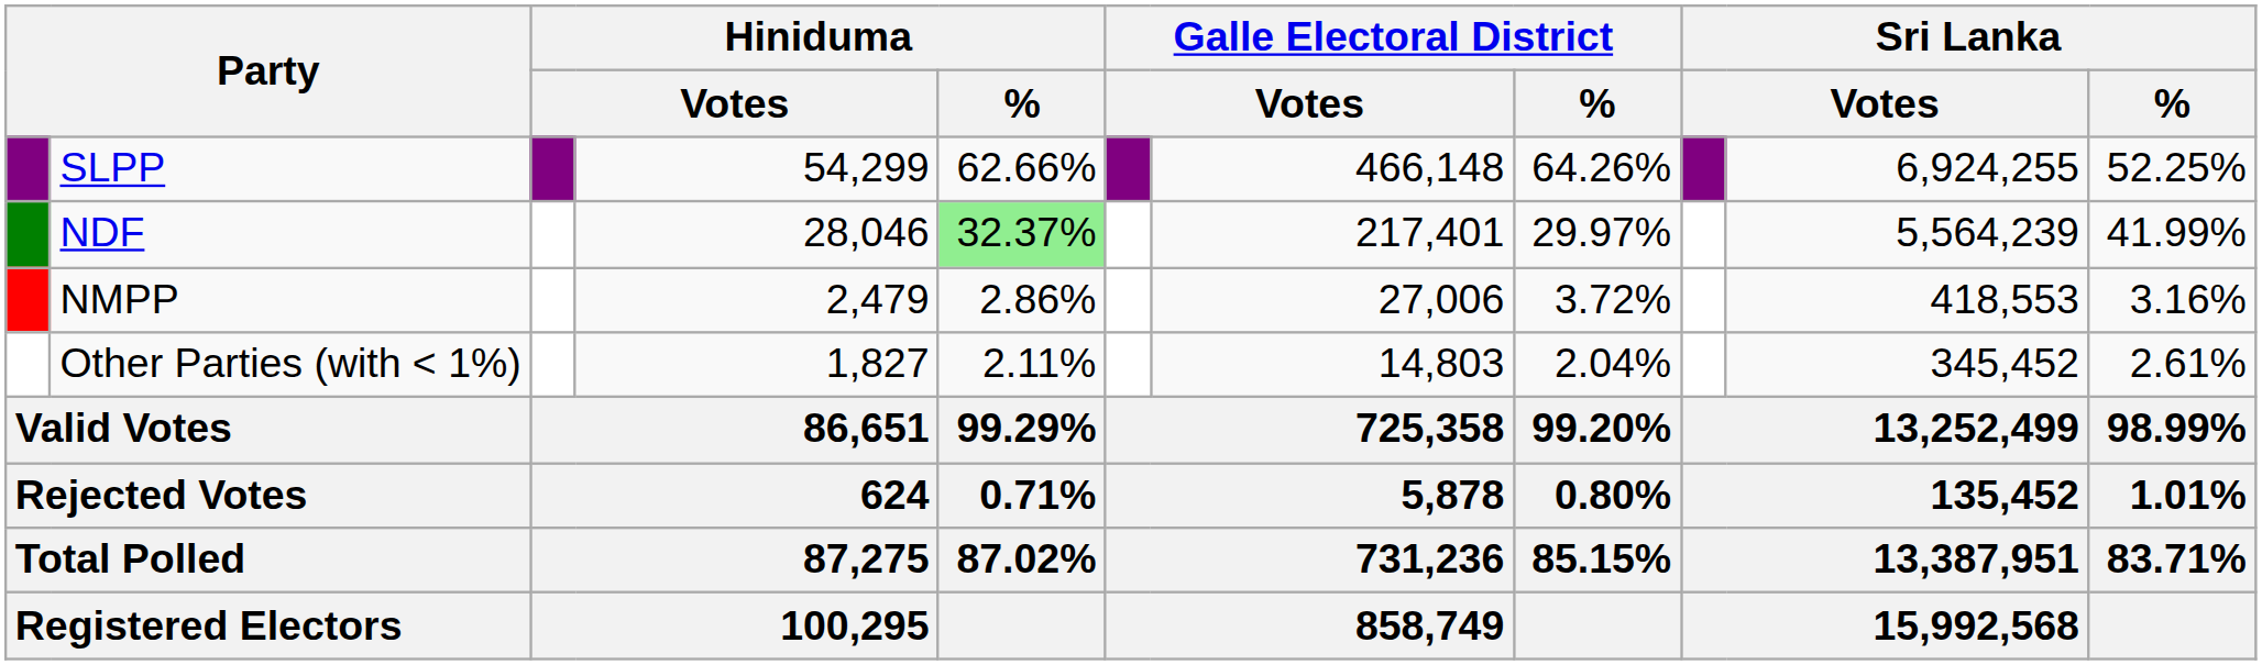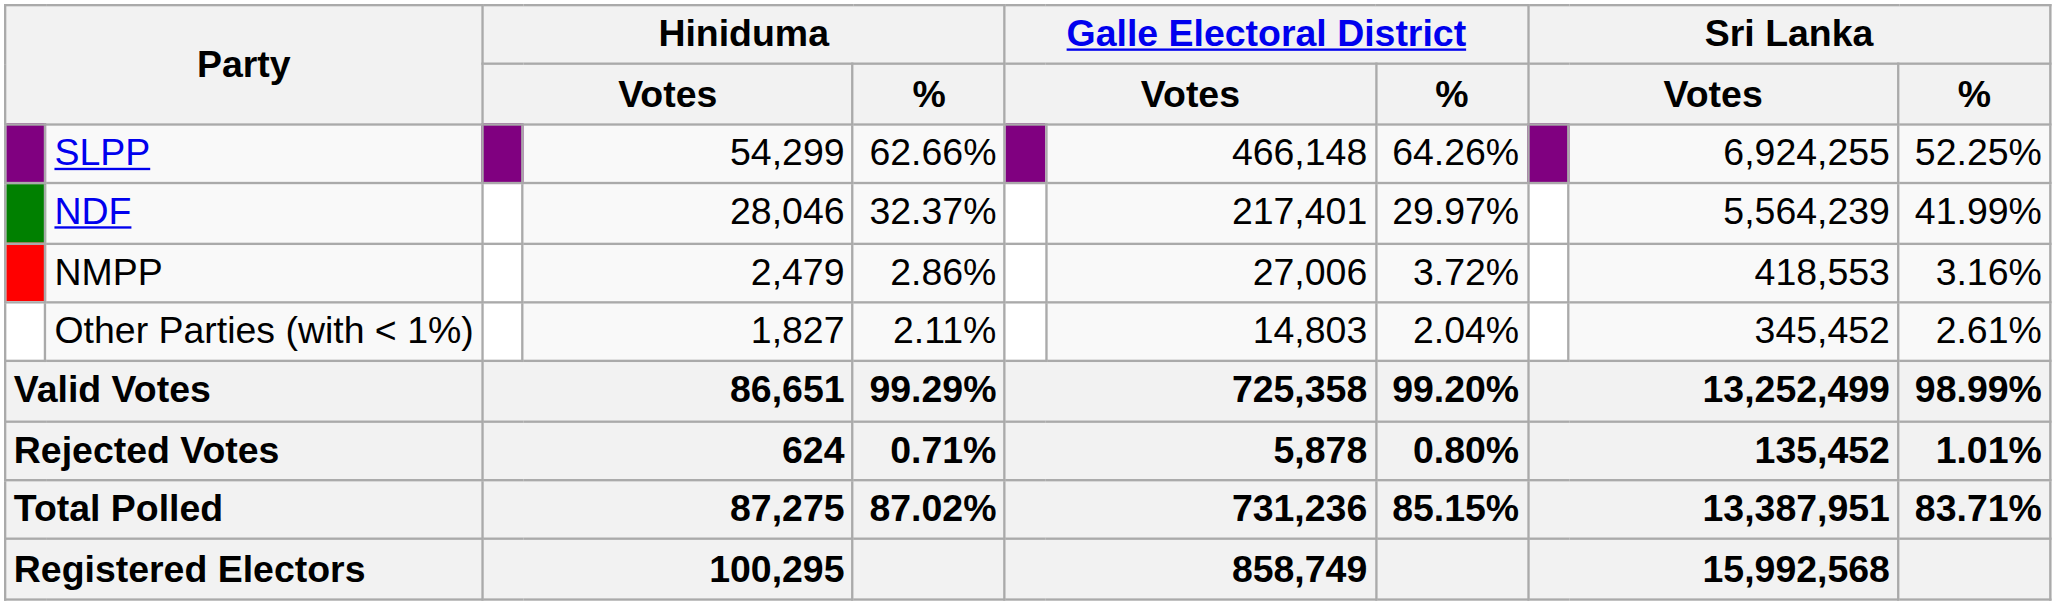 <table class="wikitable">
 <tr>
 <th colspan="2" width="144px"rowspan="2">Party</th>
 <th colspan="3" width="216px">Hiniduma</th>
 <th colspan="3" width="216px"><a href='#'>Galle Electoral District</a></th>
 <th colspan="3" width="216px">Sri Lanka</th>
 </tr>
 <tr>
 <th colspan="2" width="144px">Votes</th>
 <th>%</th>
 <th colspan="2" width="144px">Votes</th>
 <th>%</th>
 <th colspan="2" width="144px">Votes</th>
 <th>%</th>
 </tr>
 <tr>
 <td style="background-color:purple;" width="10px"></td>
 <td style="text-align:left;"><a href='#'>SLPP</a></td>
 <td style="background-color:purple;" width="10px"></td>
 <td style="text-align:right;">54,299</td>
 <td style="text-align:right;">62.66%</td>
 <td style="background-color:purple;" width="10px"></td>
 <td style="text-align:right;">466,148</td>
 <td style="text-align:right;">64.26%</td>
 <td style="background-color:purple;" width="10px"></td>
 <td style="text-align:right;">6,924,255</td>
 <td style="text-align:right;">52.25%</td>
 </tr>
 <tr>
 <td style="background-color:green;" width="10px"></td>
 <td style="text-align:left;"><a href='#'>NDF</a></td>
 <td style="background-color:white;" width="10px"></td>
 <td style="text-align:right;">28,046</td>
-<td style="background: lightgreen; text-align:right;">32.37%</td>
+<td style="text-align:right;">32.37%</td>
 <td style="background-color:white;" width="10px"></td>
 <td style="text-align:right;">217,401</td>
 <td style="text-align:right;">29.97%</td>
 <td style="background-color:white;" width="10px"></td>
 <td style="text-align:right;">5,564,239</td>
 <td style="text-align:right;">41.99%</td>
 </tr>
 <tr>
 <td style="background-color:red;" width="10px"></td>
 <td style="text-align:left;">NMPP</td>
 <td style="background-color:white;" width="10px"></td>
 <td style="text-align:right;">2,479</td>
 <td style="text-align:right;">2.86%</td>
 <td style="background-color:white;" width="10px"></td>
 <td style="text-align:right;">27,006</td>
 <td style="text-align:right;">3.72%</td>
 <td style="background-color:white;" width="10px"></td>
 <td style="text-align:right;">418,553</td>
 <td style="text-align:right;">3.16%</td>
 </tr>
 <tr>
 <td style="background-color:white;" width="10px"></td>
 <td style="text-align:left;">Other Parties (with < 1%)</td>
 <td style="background-color:white;" width="10px"></td>
 <td style="text-align:right;">1,827</td>
 <td style="text-align:right;">2.11%</td>
 <td style="background-color:white;" width="10px"></td>
 <td style="text-align:right;">14,803</td>
 <td style="text-align:right;">2.04%</td>
 <td style="background-color:white;" width="10px"></td>
 <td style="text-align:right;">345,452</td>
 <td style="text-align:right;">2.61%</td>
 </tr>
 <tr>
 <th colspan="2" width="144px"style="text-align:left;">Valid Votes</th>
 <th style="text-align:right;"colspan="2" width="144px">86,651</th>
 <th style="text-align:right;">99.29%</th>
 <th style="text-align:right;"colspan="2" width="144px">725,358</th>
 <th style="text-align:right;">99.20%</th>
 <th style="text-align:right;"colspan="2" width="144px">13,252,499</th>
 <th style="text-align:right;">98.99%</th>
 </tr>
 <tr>
 <th colspan="2" width="144px"style="text-align:left;">Rejected Votes</th>
 <th style="text-align:right;"colspan="2" width="144px">624</th>
 <th style="text-align:right;">0.71%</th>
 <th style="text-align:right;"colspan="2" width="144px">5,878</th>
 <th style="text-align:right;">0.80%</th>
 <th style="text-align:right;"colspan="2" width="144px">135,452</th>
 <th style="text-align:right;">1.01%</th>
 </tr>
 <tr>
 <th colspan="2" width="144px"style="text-align:left;">Total Polled</th>
 <th style="text-align:right;"colspan="2" width="144px">87,275</th>
 <th style="text-align:right;">87.02%</th>
 <th style="text-align:right;"colspan="2" width="144px">731,236</th>
 <th style="text-align:right;">85.15%</th>
 <th style="text-align:right;"colspan="2" width="144px">13,387,951</th>
 <th style="text-align:right;">83.71%</th>
 </tr>
 <tr>
 <th colspan="2" width="144px"style="text-align:left;">Registered Electors</th>
 <th style="text-align:right;"colspan="2" width="144px">100,295</th>
 <th></th>
 <th style="text-align:right;"colspan="2" width="144px">858,749</th>
 <th></th>
 <th style="text-align:right;"colspan="2" width="144px">15,992,568</th>
 <th></th>
 </tr>
 </table>
